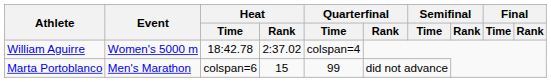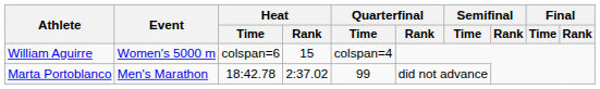 <table class=wikitable style=font-size:90%;text-align:center>
 <tr>
 <th rowspan=2>Athlete</th>
 <th rowspan=2>Event</th>
 <th colspan=2>Heat</th>
 <th colspan=2>Quarterfinal</th>
 <th colspan=2>Semifinal</th>
 <th colspan=2>Final</th>
 </tr>
 <tr style=font-size:95%>
 <th>Time</th>
 <th>Rank</th>
 <th>Time</th>
 <th>Rank</th>
 <th>Time</th>
 <th>Rank</th>
 <th>Time</th>
 <th>Rank</th>
 </tr>
 <tr>
 <td align=left><a href='#'>William Aguirre</a></td>
 <td align=left><a href='#'>Women's 5000 m</a></td>
-<td>18:42.78</td>
-<td>2:37.02</td>
+<td>colspan=6 </td>
+<td>15</td>
 <td>colspan=4 </td>
 </tr>
 <tr>
 <td align=left><a href='#'>Marta Portoblanco</a></td>
 <td align=left><a href='#'>Men's Marathon</a></td>
-<td>colspan=6 </td>
-<td>15</td>
+<td>18:42.78</td>
+<td>2:37.02</td>
 <td>99</td>
 <td colspan=2>did not advance</td>
 </tr>
 </table>
